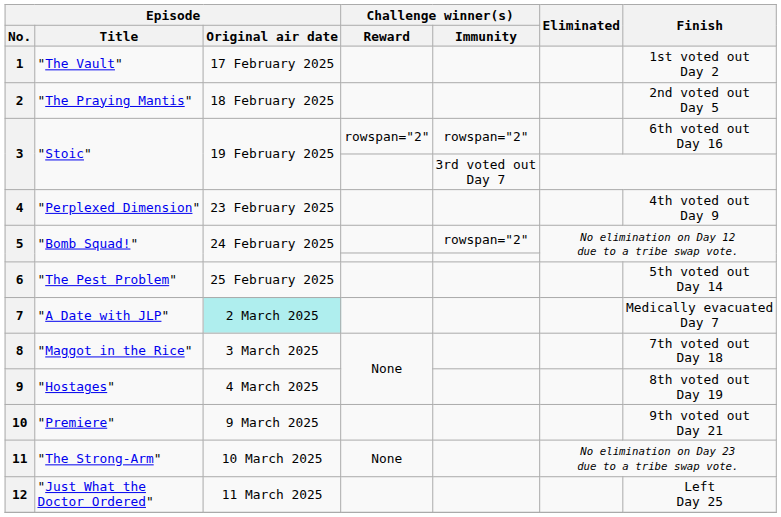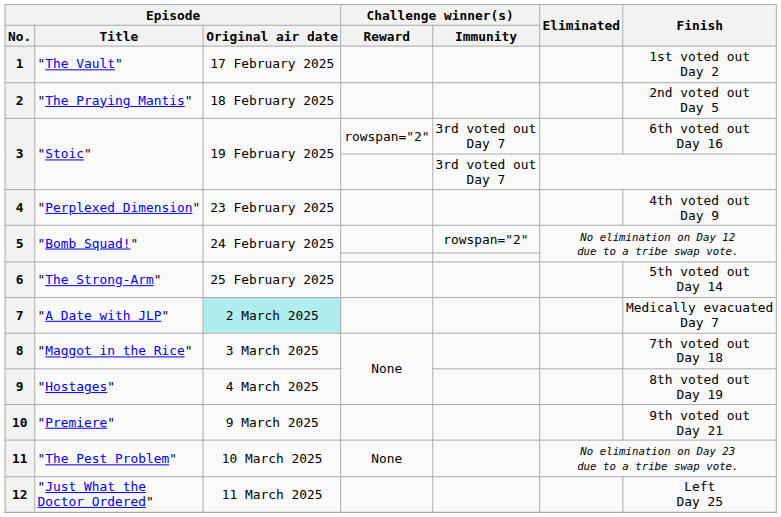 <table class="wikitable plainrowheaders nowrap" style="margin:auto; font-size:100%; text-align:center">
 <tr>
 <th colspan="3">Episode</th>
 <th colspan="2">Challenge winner(s)</th>
 <th rowspan="2">Eliminated</th>
 <th rowspan="2">Finish</th>
 </tr>
 <tr>
 <th>No.</th>
 <th>Title</th>
 <th>Original air date</th>
 <th>Reward</th>
 <th>Immunity</th>
 </tr>
 <tr>
 <th>1</th>
 <td style="text-align:left">"<a href='#'>The Vault</a>"</td>
 <td>17 February 2025</td>
 <td></td>
 <td></td>
 <td></td>
 <td>1st voted out<br>Day 2</td>
 </tr>
 <tr>
 <th>2</th>
 <td style="text-align:left">"<a href='#'>The Praying Mantis</a>"</td>
 <td>18 February 2025</td>
 <td></td>
 <td></td>
 <td></td>
 <td>2nd voted out<br>Day 5</td>
 </tr>
 <tr>
 <th rowspan="2">3</th>
 <td style="text-align:left" rowspan="2">"<a href='#'>Stoic</a>"</td>
 <td rowspan="2">19 February 2025</td>
 <td>rowspan="2" </td>
-<td>rowspan="2" </td>
+<td>3rd voted out<br>Day 7</td>
 <td></td>
 <td>6th voted out<br>Day 16</td>
 </tr>
 <tr>
 <td></td>
 <td>3rd voted out<br>Day 7</td>
 </tr>
 <tr>
 <th>4</th>
 <td style="text-align:left">"<a href='#'>Perplexed Dimension</a>"</td>
 <td>23 February 2025</td>
 <td></td>
 <td></td>
 <td></td>
 <td>4th voted out<br>Day 9</td>
 </tr>
 <tr>
 <th rowspan="2">5</th>
 <td rowspan="2" style="text-align:left">"<a href='#'>Bomb Squad!</a>"</td>
 <td rowspan="2">24 February 2025</td>
 <td></td>
 <td>rowspan="2" </td>
 <td rowspan="2" colspan="2"><em><small>No elimination on Day 12<br>due to a tribe swap vote.</small></em></td>
 </tr>
 <tr>
 <td></td>
 </tr>
 <tr>
 <th>6</th>
-<td style="text-align:left">"<a href='#'>The Pest Problem</a>"</td>
+<td style="text-align:left">"<a href='#'>The Strong-Arm</a>"</td>
 <td>25 February 2025</td>
 <td></td>
 <td></td>
 <td></td>
 <td>5th voted out<br>Day 14</td>
 </tr>
 <tr>
 <th>7</th>
 <td style="text-align:left">"<a href='#'>A Date with JLP</a>"</td>
 <td style="background: paleturquoise;">2 March 2025</td>
 <td></td>
 <td></td>
 <td></td>
 <td>Medically evacuated<br>Day 7</td>
 </tr>
 <tr>
 <th>8</th>
 <td style="text-align:left">"<a href='#'>Maggot in the Rice</a>"</td>
 <td>3 March 2025</td>
 <td rowspan="2">None</td>
 <td></td>
 <td></td>
 <td>7th voted out<br>Day 18</td>
 </tr>
 <tr>
 <th>9</th>
 <td style="text-align:left">"<a href='#'>Hostages</a>"</td>
 <td>4 March 2025</td>
 <td></td>
 <td></td>
 <td>8th voted out<br>Day 19</td>
 </tr>
 <tr>
 <th>10</th>
 <td style="text-align:left">"<a href='#'>Premiere</a>"</td>
 <td>9 March 2025</td>
 <td></td>
 <td></td>
 <td></td>
 <td>9th voted out<br>Day 21</td>
 </tr>
 <tr>
 <th>11</th>
-<td style="text-align:left">"<a href='#'>The Strong-Arm</a>"</td>
+<td style="text-align:left">"<a href='#'>The Pest Problem</a>"</td>
 <td>10 March 2025</td>
 <td>None</td>
 <td></td>
 <td colspan="2"><em><small>No elimination on Day 23<br>due to a tribe swap vote.</small></em></td>
 </tr>
 <tr>
 <th>12</th>
 <td style="text-align:left">"<a href='#'>Just What the<br> Doctor Ordered</a>"</td>
 <td>11 March 2025</td>
 <td></td>
 <td></td>
 <td></td>
 <td>Left<br>Day 25</td>
 </tr>
 <tr>
 </tr>
 </table>
